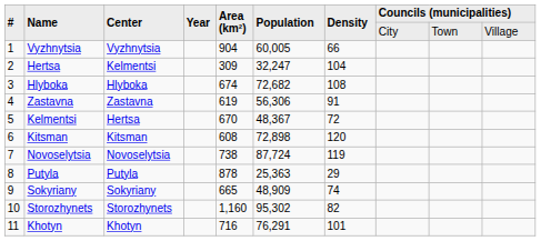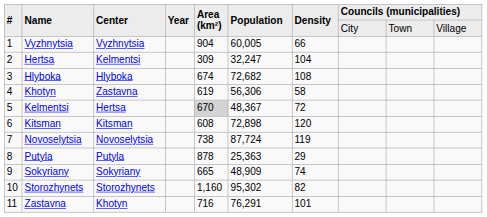 <table class="wikitable">
 <tr bgcolor="#ECECEC">
 <td rowspan=2><strong>#</strong></td>
 <td rowspan=2><strong>Name</strong></td>
 <td rowspan=2><strong>Center</strong></td>
 <td rowspan=2><strong>Year</strong></td>
 <td rowspan=2><strong>Area<br>(km²)</strong></td>
 <td rowspan=2><strong>Population</strong></td>
 <td rowspan=2><strong>Density</strong></td>
 <td colspan=3><strong>Councils (municipalities)</strong></td>
 </tr>
 <tr bgcolor="#ECECEC">
 <td width=10%>City</td>
 <td width=10%>Town</td>
 <td width=10%>Village</td>
 </tr>
 <tr>
 <td>1</td>
 <td><a href='#'>Vyzhnytsia</a></td>
 <td><a href='#'>Vyzhnytsia</a></td>
 <td></td>
 <td>904</td>
 <td>60,005</td>
 <td>66</td>
 <td></td>
 <td></td>
 <td></td>
 </tr>
 <tr>
 <td>2</td>
 <td><a href='#'>Hertsa</a></td>
 <td><a href='#'>Kelmentsi</a></td>
 <td></td>
 <td>309</td>
 <td>32,247</td>
 <td>104</td>
 <td></td>
 <td></td>
 <td></td>
 </tr>
 <tr>
 <td>3</td>
 <td><a href='#'>Hlyboka</a></td>
 <td><a href='#'>Hlyboka</a></td>
 <td></td>
 <td>674</td>
 <td>72,682</td>
 <td>108</td>
 <td></td>
 <td></td>
 <td></td>
 </tr>
 <tr>
 <td>4</td>
-<td><a href='#'>Zastavna</a></td>
+<td><a href='#'>Khotyn</a></td>
 <td><a href='#'>Zastavna</a></td>
 <td></td>
 <td>619</td>
 <td>56,306</td>
-<td>91</td>
+<td>58</td>
 <td></td>
 <td></td>
 <td></td>
 </tr>
 <tr>
 <td>5</td>
 <td><a href='#'>Kelmentsi</a></td>
 <td><a href='#'>Hertsa</a></td>
 <td></td>
-<td>670</td>
+<td style="background: lightgrey;">670</td>
 <td>48,367</td>
 <td>72</td>
 <td></td>
 <td></td>
 <td></td>
 </tr>
 <tr>
 <td>6</td>
 <td><a href='#'>Kitsman</a></td>
 <td><a href='#'>Kitsman</a></td>
 <td></td>
 <td>608</td>
 <td>72,898</td>
 <td>120</td>
 <td></td>
 <td></td>
 <td></td>
 </tr>
 <tr>
 <td>7</td>
 <td><a href='#'>Novoselytsia</a></td>
 <td><a href='#'>Novoselytsia</a></td>
 <td></td>
 <td>738</td>
 <td>87,724</td>
 <td>119</td>
 <td></td>
 <td></td>
 <td></td>
 </tr>
 <tr>
 <td>8</td>
 <td><a href='#'>Putyla</a></td>
 <td><a href='#'>Putyla</a></td>
 <td></td>
 <td>878</td>
 <td>25,363</td>
 <td>29</td>
 <td></td>
 <td></td>
 <td></td>
 </tr>
 <tr>
 <td>9</td>
 <td><a href='#'>Sokyriany</a></td>
 <td><a href='#'>Sokyriany</a></td>
 <td></td>
 <td>665</td>
 <td>48,909</td>
 <td>74</td>
 <td></td>
 <td></td>
 <td></td>
 </tr>
 <tr>
 <td>10</td>
 <td><a href='#'>Storozhynets</a></td>
 <td><a href='#'>Storozhynets</a></td>
 <td></td>
 <td>1,160</td>
 <td>95,302</td>
 <td>82</td>
 <td></td>
 <td></td>
 <td></td>
 </tr>
 <tr>
 <td>11</td>
-<td><a href='#'>Khotyn</a></td>
+<td><a href='#'>Zastavna</a></td>
 <td><a href='#'>Khotyn</a></td>
 <td></td>
 <td>716</td>
 <td>76,291</td>
 <td>101</td>
 <td></td>
 <td></td>
 <td></td>
 </tr>
 </table>
